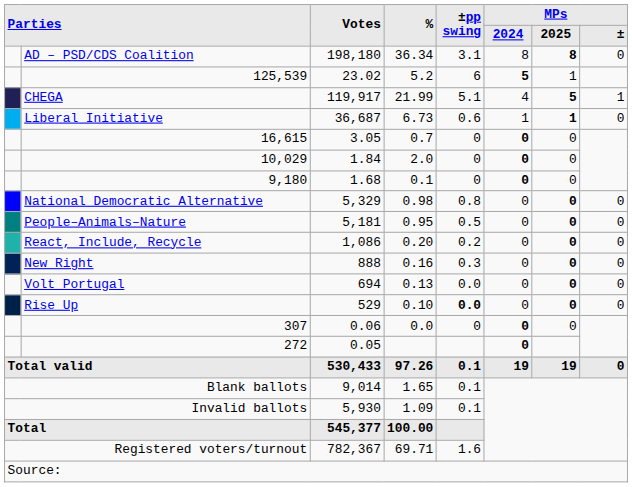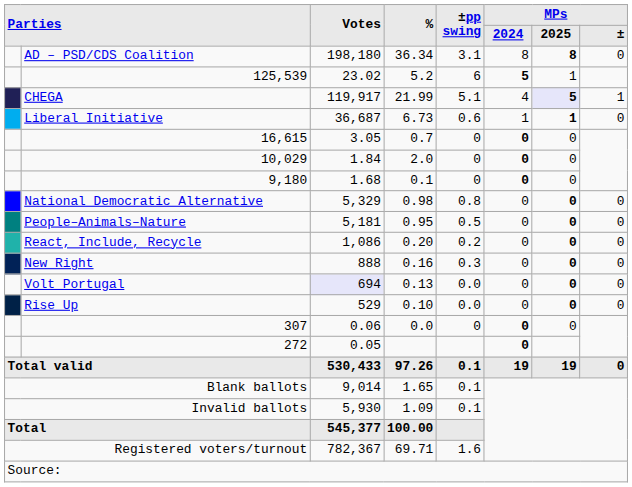 <table class="wikitable" style="text-align:right; font-size:95%;">
 <tr>
 <th rowspan="2" colspan="2" style="background:#e9e9e9; text-align:left;" alignleft><a href='#'>Parties</a></th>
 <th rowspan="2" style="background:#e9e9e9; text-align:right;">Votes</th>
 <th rowspan="2" style="background:#e9e9e9; text-align:right;">%</th>
 <th rowspan="2" style="background:#e9e9e9; text-align:right;">±<a href='#'>pp</a> <a href='#'>swing</a></th>
 <th colspan="3" style="background:#e9e9e9; text-align:center;"><a href='#'>MPs</a></th>
 </tr>
 <tr style="background-color:#E9E9E9">
 <th style="background-color:#E9E9E9;text-align:center;"><a href='#'>2024</a></th>
 <th style="background-color:#E9E9E9;text-align:center;">2025</th>
 <th style="background:#e9e9e9; text-align:right;">±</th>
 </tr>
 <tr>
 <td style="width: 10px" bgcolor=></td>
 <td align="left"><a href='#'>AD – PSD/CDS Coalition</a> </td>
 <td>198,180</td>
 <td>36.34</td>
 <td>3.1</td>
 <td>8</td>
 <td><strong>8</strong></td>
 <td>0</td>
 </tr>
 <tr>
 <td></td>
 <td>125,539</td>
 <td>23.02</td>
 <td>5.2</td>
 <td>6</td>
 <td><strong>5</strong></td>
 <td>1</td>
 </tr>
 <tr>
 <td style="width: 10px" bgcolor="#202056" align="center"></td>
 <td align="left"><a href='#'>CHEGA</a></td>
 <td>119,917</td>
 <td>21.99</td>
 <td>5.1</td>
 <td>4</td>
-<td><strong>5</strong></td>
+<td style="background: lavender;"><strong>5</strong></td>
 <td>1</td>
 </tr>
 <tr>
 <td style="width: 10px" bgcolor="#00ADEF" align="center"></td>
 <td align="left"><a href='#'>Liberal Initiative</a></td>
 <td>36,687</td>
 <td>6.73</td>
 <td>0.6</td>
 <td>1</td>
 <td><strong>1</strong></td>
 <td>0</td>
 </tr>
 <tr>
 <td></td>
 <td>16,615</td>
 <td>3.05</td>
 <td>0.7</td>
 <td>0</td>
 <td><strong>0</strong></td>
 <td>0</td>
 </tr>
 <tr>
 <td></td>
 <td>10,029</td>
 <td>1.84</td>
 <td>2.0</td>
 <td>0</td>
 <td><strong>0</strong></td>
 <td>0</td>
 </tr>
 <tr>
 <td></td>
 <td>9,180</td>
 <td>1.68</td>
 <td>0.1</td>
 <td>0</td>
 <td><strong>0</strong></td>
 <td>0</td>
 </tr>
 <tr>
 <td style="width: 10px" bgcolor="blue" align="center"></td>
 <td align="left"><a href='#'>National Democratic Alternative</a></td>
 <td>5,329</td>
 <td>0.98</td>
 <td>0.8</td>
 <td>0</td>
 <td><strong>0</strong></td>
 <td>0</td>
 </tr>
 <tr>
 <td style="width: 10px" bgcolor="teal" align="center"></td>
 <td align="left"><a href='#'>People–Animals–Nature</a></td>
 <td>5,181</td>
 <td>0.95</td>
 <td>0.5</td>
 <td>0</td>
 <td><strong>0</strong></td>
 <td>0</td>
 </tr>
 <tr>
 <td style="width: 10px" bgcolor="LightSeaGreen" align="center"></td>
 <td align="left"><a href='#'>React, Include, Recycle</a></td>
 <td>1,086</td>
 <td>0.20</td>
 <td>0.2</td>
 <td>0</td>
 <td><strong>0</strong></td>
 <td>0</td>
 </tr>
 <tr>
 <td style="width: 10px" bgcolor="#012257" align="center"></td>
 <td align="left"><a href='#'>New Right</a></td>
 <td>888</td>
 <td>0.16</td>
 <td>0.3</td>
 <td>0</td>
 <td><strong>0</strong></td>
 <td>0</td>
 </tr>
 <tr>
 <td style="width: 10px"></td>
 <td align="left"><a href='#'>Volt Portugal</a></td>
-<td>694</td>
+<td style="background: lavender;">694</td>
 <td>0.13</td>
 <td>0.0</td>
 <td>0</td>
 <td><strong>0</strong></td>
 <td>0</td>
 </tr>
 <tr>
 <td style="width: 10px" bgcolor="#002147" align="center"></td>
 <td align="left"><a href='#'>Rise Up</a></td>
 <td>529</td>
 <td>0.10</td>
-<td><strong>0.0</strong></td>
+<td>0.0</td>
 <td>0</td>
 <td><strong>0</strong></td>
 <td>0</td>
 </tr>
 <tr>
 <td></td>
 <td>307</td>
 <td>0.06</td>
 <td>0.0</td>
 <td>0</td>
 <td><strong>0</strong></td>
 <td>0</td>
 </tr>
 <tr>
 <td></td>
 <td>272</td>
 <td>0.05</td>
 <td></td>
 <td></td>
 <td><strong>0</strong></td>
 <td></td>
 </tr>
 <tr>
 <td colspan=2 width="288" align=left style="background-color:#E9E9E9"><strong>Total valid</strong></td>
 <td width="65" align="right" style="background-color:#E9E9E9"><strong>530,433</strong></td>
 <td width="40" align="right" style="background-color:#E9E9E9"><strong>97.26</strong></td>
 <td width="40" align="right" style="background-color:#E9E9E9"><strong>0.1</strong></td>
 <td width="40" align="right" style="background-color:#E9E9E9"><strong>19</strong></td>
 <td width="40" align="right" style="background-color:#E9E9E9"><strong>19</strong></td>
 <td width="40" align="right" style="background-color:#E9E9E9"><strong>0</strong></td>
 </tr>
 <tr>
 <td colspan=2>Blank ballots</td>
 <td>9,014</td>
 <td>1.65</td>
 <td>0.1</td>
 <td colspan=3 rowspan=4></td>
 </tr>
 <tr>
 <td colspan=2>Invalid ballots</td>
 <td>5,930</td>
 <td>1.09</td>
 <td>0.1</td>
 </tr>
 <tr>
 <td colspan=2 align=left style="background-color:#E9E9E9"><strong>Total</strong></td>
 <td width="50" align="right" style="background-color:#E9E9E9"><strong>545,377</strong></td>
 <td width="40" align="right" style="background-color:#E9E9E9"><strong>100.00</strong></td>
 <td width="40" align="right" style="background-color:#E9E9E9"></td>
 </tr>
 <tr>
 <td colspan=2>Registered voters/turnout</td>
 <td>782,367</td>
 <td>69.71</td>
 <td>1.6</td>
 </tr>
 <tr>
 <td colspan=8 align=left>Source: </td>
 </tr>
 </table>
